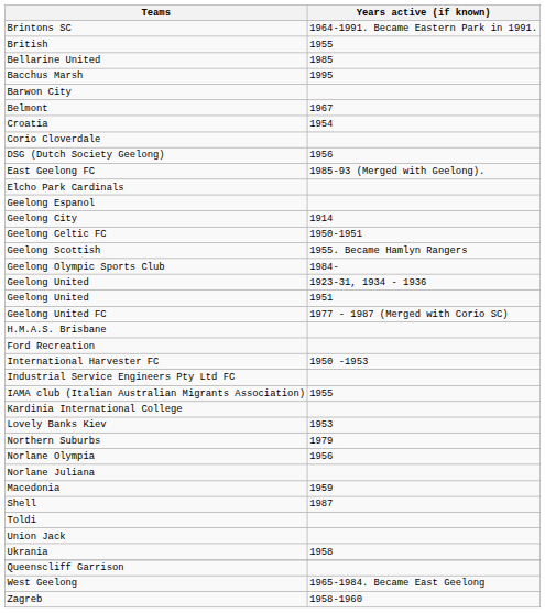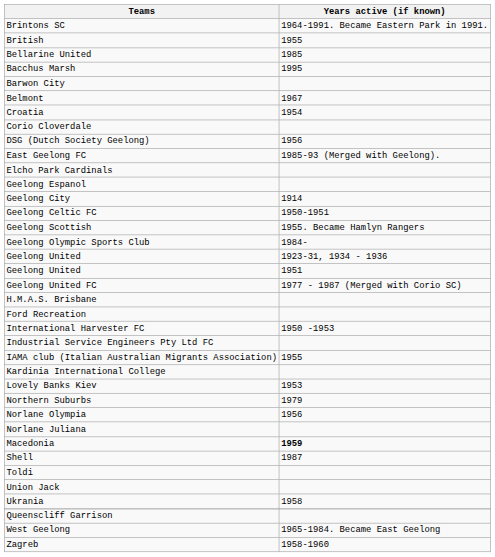 <table class="wikitable sortable">
 <tr>
 <th>Teams</th>
 <th>Years active (if known)</th>
 </tr>
 <tr>
 <td>Brintons SC</td>
 <td>1964-1991. Became Eastern Park in 1991.</td>
 </tr>
 <tr>
 <td>British</td>
 <td>1955 </td>
 </tr>
 <tr>
 <td>Bellarine United</td>
 <td>1985</td>
 </tr>
 <tr>
 <td>Bacchus Marsh</td>
 <td>1995</td>
 </tr>
 <tr>
 <td>Barwon City</td>
 <td></td>
 </tr>
 <tr>
 <td>Belmont</td>
 <td>1967</td>
 </tr>
 <tr>
 <td>Croatia</td>
 <td>1954</td>
 </tr>
 <tr>
 <td>Corio Cloverdale</td>
 <td></td>
 </tr>
 <tr>
 <td>DSG (Dutch Society Geelong)</td>
 <td>1956</td>
 </tr>
 <tr>
 <td>East Geelong FC</td>
 <td>1985-93 (Merged with Geelong).</td>
 </tr>
 <tr>
 <td>Elcho Park Cardinals</td>
 <td></td>
 </tr>
 <tr>
 <td>Geelong Espanol</td>
 <td></td>
 </tr>
 <tr>
 <td>Geelong City</td>
 <td>1914</td>
 </tr>
 <tr>
 <td>Geelong Celtic FC</td>
 <td>1950-1951</td>
 </tr>
 <tr>
 <td>Geelong Scottish</td>
 <td>1955. Became Hamlyn Rangers </td>
 </tr>
 <tr>
 <td>Geelong Olympic Sports Club</td>
 <td>1984-</td>
 </tr>
 <tr>
 <td>Geelong United</td>
 <td>1923-31, 1934 - 1936</td>
 </tr>
 <tr>
 <td>Geelong United</td>
 <td>1951</td>
 </tr>
 <tr>
 <td>Geelong United FC</td>
 <td>1977 - 1987 (Merged with Corio SC)</td>
 </tr>
 <tr>
 <td>H.M.A.S. Brisbane</td>
 <td></td>
 </tr>
 <tr>
 <td>Ford Recreation</td>
 <td></td>
 </tr>
 <tr>
 <td>International Harvester FC</td>
 <td>1950 -1953 </td>
 </tr>
 <tr>
 <td>Industrial Service Engineers Pty Ltd FC</td>
 <td></td>
 </tr>
 <tr>
 <td>IAMA club (Italian Australian Migrants Association)</td>
 <td>1955</td>
 </tr>
 <tr>
 <td>Kardinia International College</td>
 <td></td>
 </tr>
 <tr>
 <td>Lovely Banks Kiev</td>
 <td>1953</td>
 </tr>
 <tr>
 <td>Northern Suburbs</td>
 <td>1979</td>
 </tr>
 <tr>
 <td>Norlane Olympia</td>
 <td>1956</td>
 </tr>
 <tr>
 <td>Norlane Juliana</td>
 <td></td>
 </tr>
 <tr>
 <td>Macedonia</td>
-<td>1959</td>
+<td><strong>1959</strong></td>
 </tr>
 <tr>
 <td>Shell</td>
 <td>1987 </td>
 </tr>
 <tr>
 <td>Toldi</td>
 <td></td>
 </tr>
 <tr>
 <td>Union Jack</td>
 </tr>
 <tr>
 <td>Ukrania</td>
 <td>1958</td>
 </tr>
 <tr>
 </tr>
 <tr>
 <td>Queenscliff Garrison</td>
 <td></td>
 </tr>
 <tr>
 <td>West Geelong</td>
 <td>1965-1984. Became East Geelong </td>
 </tr>
 <tr>
 <td>Zagreb</td>
 <td>1958-1960 </td>
 </tr>
 </table>
